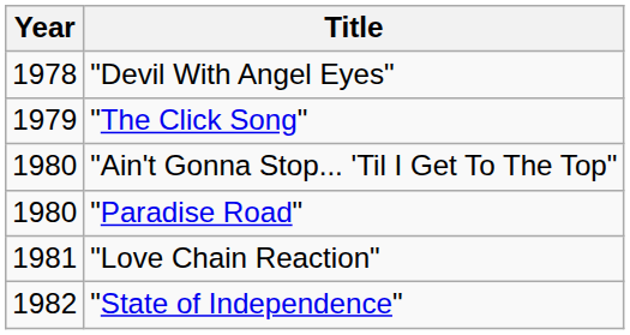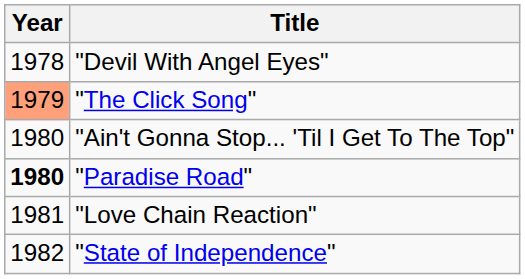 <table class="wikitable">
 <tr>
 <th align="left" valign="top">Year</th>
 <th align="left" valign="top">Title</th>
 </tr>
 <tr>
 <td align="left" valign="top">1978</td>
 <td align="left" valign="top">"Devil With Angel Eyes"</td>
 </tr>
 <tr>
-<td align="left" valign="top">1979</td>
+<td align="left" valign="top" style="background: lightsalmon;">1979</td>
 <td align="left" valign="top">"<a href='#'>The Click Song</a>"</td>
 </tr>
 <tr>
 <td align="left" valign="top">1980</td>
 <td align="left" valign="top">"Ain't Gonna Stop... 'Til I Get To The Top"</td>
 </tr>
 <tr>
-<td align="left" valign="top">1980</td>
+<td align="left" valign="top"><strong>1980</strong></td>
 <td align="left" valign="top">"<a href='#'>Paradise Road</a>"</td>
 </tr>
 <tr>
 <td align="left" valign="top">1981</td>
 <td align="left" valign="top">"Love Chain Reaction"</td>
 </tr>
 <tr>
 <td align="left" valign="top">1982</td>
 <td align="left" valign="top">"<a href='#'>State of Independence</a>"</td>
 </tr>
 </table>
